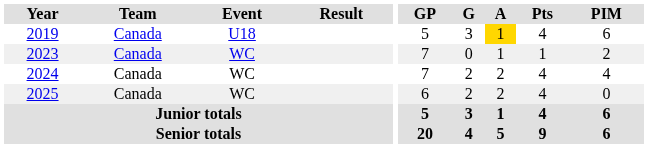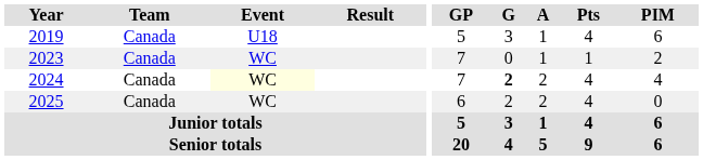 <table border="0" cellpadding="1" cellspacing="0" ID="Table3" style="text-align:center; width:40em">
 <tr ALIGN="center" bgcolor="#e0e0e0">
 <th>Year</th>
 <th>Team</th>
 <th>Event</th>
 <th>Result</th>
 <th rowspan="99" bgcolor="#ffffff"></th>
 <th>GP</th>
 <th>G</th>
 <th>A</th>
 <th>Pts</th>
 <th>PIM</th>
 </tr>
 <tr>
 <td><a href='#'>2019</a></td>
 <td><a href='#'>Canada</a></td>
 <td><a href='#'>U18</a></td>
 <td></td>
 <td>5</td>
 <td>3</td>
-<td style="background: gold;">1</td>
+<td>1</td>
 <td>4</td>
 <td>6</td>
 </tr>
 <tr bgcolor="#f0f0f0">
 <td><a href='#'>2023</a></td>
 <td><a href='#'>Canada</a></td>
 <td><a href='#'>WC</a></td>
 <td></td>
 <td>7</td>
 <td>0</td>
 <td>1</td>
 <td>1</td>
 <td>2</td>
 </tr>
 <tr>
 <td><a href='#'>2024</a></td>
 <td>Canada</td>
-<td>WC</td>
+<td style="background: lightyellow;">WC</td>
 <td></td>
 <td>7</td>
-<td>2</td>
+<td><strong>2</strong></td>
 <td>2</td>
 <td>4</td>
 <td>4</td>
 </tr>
 <tr bgcolor="#f0f0f0">
 <td><a href='#'>2025</a></td>
 <td>Canada</td>
 <td>WC</td>
 <td></td>
 <td>6</td>
 <td>2</td>
 <td>2</td>
 <td>4</td>
 <td>0</td>
 </tr>
 <tr bgcolor="#e0e0e0">
 <th colspan="4">Junior totals</th>
 <th>5</th>
 <th>3</th>
 <th>1</th>
 <th>4</th>
 <th>6</th>
 </tr>
 <tr bgcolor="#e0e0e0">
 <th colspan="4">Senior totals</th>
 <th>20</th>
 <th>4</th>
 <th>5</th>
 <th>9</th>
 <th>6</th>
 </tr>
 </table>
